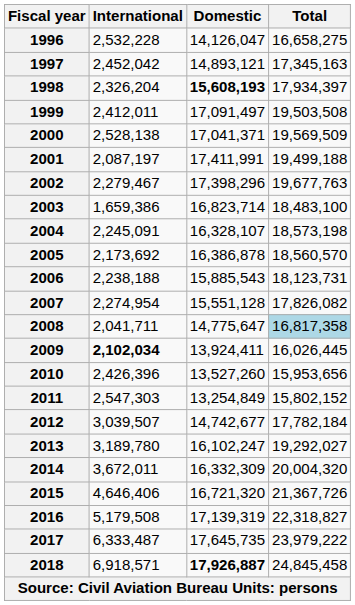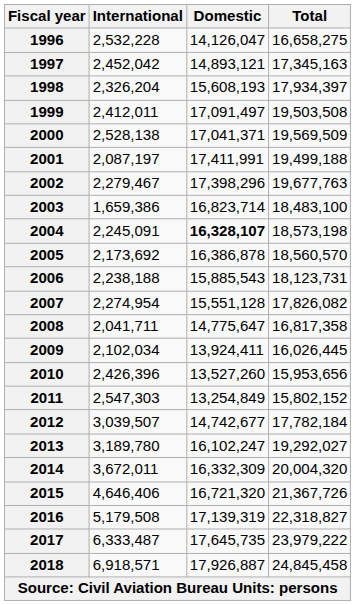 <table class="wikitable">
 <tr>
 <th>Fiscal year</th>
 <th>International</th>
 <th>Domestic</th>
 <th>Total</th>
 </tr>
 <tr>
 <th>1996</th>
 <td>2,532,228</td>
 <td>14,126,047</td>
 <td>16,658,275</td>
 </tr>
 <tr>
 <th>1997</th>
 <td>2,452,042</td>
 <td>14,893,121</td>
 <td>17,345,163</td>
 </tr>
 <tr>
 <th>1998</th>
 <td>2,326,204</td>
-<td><strong>15,608,193</strong></td>
+<td>15,608,193</td>
 <td>17,934,397</td>
 </tr>
 <tr>
 <th>1999</th>
 <td>2,412,011</td>
 <td>17,091,497</td>
 <td>19,503,508</td>
 </tr>
 <tr>
 <th>2000</th>
 <td>2,528,138</td>
 <td>17,041,371</td>
 <td>19,569,509</td>
 </tr>
 <tr>
 <th>2001</th>
 <td>2,087,197</td>
 <td>17,411,991</td>
 <td>19,499,188</td>
 </tr>
 <tr>
 <th>2002</th>
 <td>2,279,467</td>
 <td>17,398,296</td>
 <td>19,677,763</td>
 </tr>
 <tr>
 <th>2003</th>
 <td>1,659,386</td>
 <td>16,823,714</td>
 <td>18,483,100</td>
 </tr>
 <tr>
 <th>2004</th>
 <td>2,245,091</td>
-<td>16,328,107</td>
+<td><strong>16,328,107</strong></td>
 <td>18,573,198</td>
 </tr>
 <tr>
 <th>2005</th>
 <td>2,173,692</td>
 <td>16,386,878</td>
 <td>18,560,570</td>
 </tr>
 <tr>
 <th>2006</th>
 <td>2,238,188</td>
 <td>15,885,543</td>
 <td>18,123,731</td>
 </tr>
 <tr>
 <th>2007</th>
 <td>2,274,954</td>
 <td>15,551,128</td>
 <td>17,826,082</td>
 </tr>
 <tr>
 <th>2008</th>
 <td>2,041,711</td>
 <td>14,775,647</td>
-<td style="background: lightblue;">16,817,358</td>
+<td>16,817,358</td>
 </tr>
 <tr>
 <th>2009</th>
-<td><strong>2,102,034</strong></td>
+<td>2,102,034</td>
 <td>13,924,411</td>
 <td>16,026,445</td>
 </tr>
 <tr>
 <th>2010</th>
 <td>2,426,396</td>
 <td>13,527,260</td>
 <td>15,953,656</td>
 </tr>
 <tr>
 <th>2011</th>
 <td>2,547,303</td>
 <td>13,254,849</td>
 <td>15,802,152</td>
 </tr>
 <tr>
 <th>2012</th>
 <td>3,039,507</td>
 <td>14,742,677</td>
 <td>17,782,184</td>
 </tr>
 <tr>
 <th>2013</th>
 <td>3,189,780</td>
 <td>16,102,247</td>
 <td>19,292,027</td>
 </tr>
 <tr>
 <th>2014</th>
 <td>3,672,011</td>
 <td>16,332,309</td>
 <td>20,004,320</td>
 </tr>
 <tr>
 <th>2015</th>
 <td>4,646,406</td>
 <td>16,721,320</td>
 <td>21,367,726</td>
 </tr>
 <tr>
 <th>2016</th>
 <td>5,179,508</td>
 <td>17,139,319</td>
 <td>22,318,827</td>
 </tr>
 <tr>
 <th>2017</th>
 <td>6,333,487</td>
 <td>17,645,735</td>
 <td>23,979,222</td>
 </tr>
 <tr>
 <th>2018</th>
 <td>6,918,571</td>
-<td><strong>17,926,887</strong></td>
+<td>17,926,887</td>
 <td>24,845,458</td>
 </tr>
 <tr>
 <th colspan=4>Source: Civil Aviation Bureau Units: persons</th>
 </tr>
 </table>
